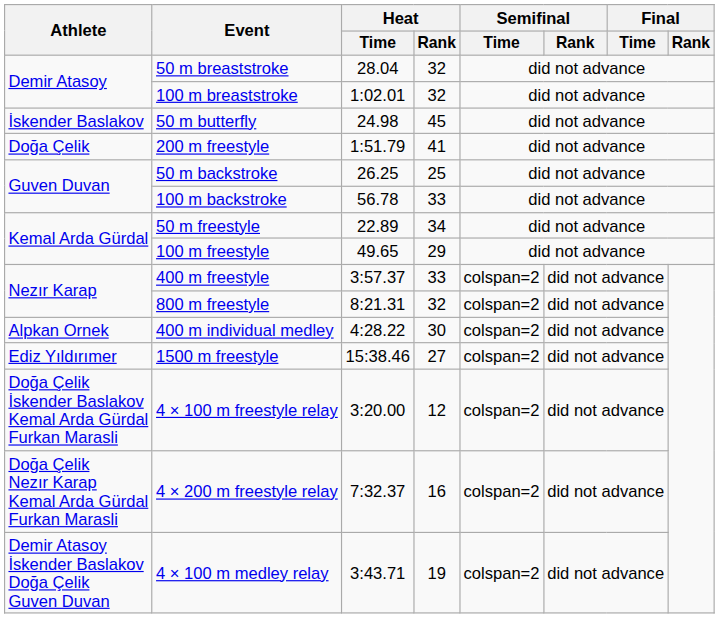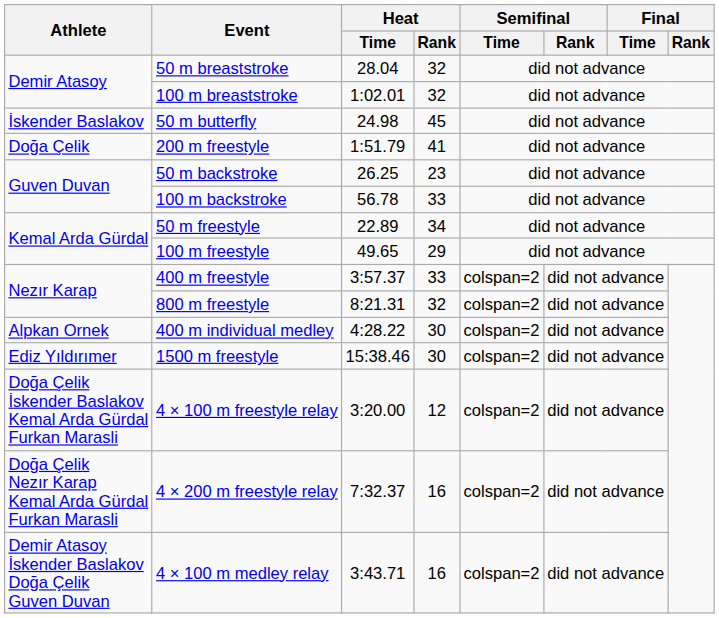 <table class=wikitable style="font-size:90%">
 <tr>
 <th rowspan="2">Athlete</th>
 <th rowspan="2">Event</th>
 <th colspan="2">Heat</th>
 <th colspan="2">Semifinal</th>
 <th colspan="2">Final</th>
 </tr>
 <tr style="font-size:95%">
 <th>Time</th>
 <th>Rank</th>
 <th>Time</th>
 <th>Rank</th>
 <th>Time</th>
 <th>Rank</th>
 </tr>
 <tr align=center>
 <td align=left rowspan=2><a href='#'>Demir Atasoy</a></td>
 <td align=left><a href='#'>50 m breaststroke</a></td>
 <td>28.04</td>
 <td>32</td>
 <td colspan=4>did not advance</td>
 </tr>
 <tr align=center>
 <td align=left><a href='#'>100 m breaststroke</a></td>
 <td>1:02.01</td>
 <td>32</td>
 <td colspan=4>did not advance</td>
 </tr>
 <tr align=center>
 <td align=left><a href='#'>İskender Baslakov</a></td>
 <td align=left><a href='#'>50 m butterfly</a></td>
 <td>24.98</td>
 <td>45</td>
 <td colspan=4>did not advance</td>
 </tr>
 <tr align=center>
 <td align=left><a href='#'>Doğa Çelik</a></td>
 <td align=left><a href='#'>200 m freestyle</a></td>
 <td>1:51.79</td>
 <td>41</td>
 <td colspan=4>did not advance</td>
 </tr>
 <tr align=center>
 <td align=left rowspan=2><a href='#'>Guven Duvan</a></td>
 <td align=left><a href='#'>50 m backstroke</a></td>
 <td>26.25</td>
-<td>25</td>
+<td>23</td>
 <td colspan=4>did not advance</td>
 </tr>
 <tr align=center>
 <td align=left><a href='#'>100 m backstroke</a></td>
 <td>56.78</td>
 <td>33</td>
 <td colspan=4>did not advance</td>
 </tr>
 <tr align=center>
 <td align=left rowspan=2><a href='#'>Kemal Arda Gürdal</a></td>
 <td align=left><a href='#'>50 m freestyle</a></td>
 <td>22.89</td>
 <td>34</td>
 <td colspan=4>did not advance</td>
 </tr>
 <tr align=center>
 <td align=left><a href='#'>100 m freestyle</a></td>
 <td>49.65</td>
 <td>29</td>
 <td colspan=4>did not advance</td>
 </tr>
 <tr align=center>
 <td align=left rowspan=2><a href='#'>Nezır Karap</a></td>
 <td align=left><a href='#'>400 m freestyle</a></td>
 <td>3:57.37</td>
 <td>33</td>
 <td>colspan=2 </td>
 <td colspan=2>did not advance</td>
 </tr>
 <tr align=center>
 <td align=left><a href='#'>800 m freestyle</a></td>
 <td>8:21.31</td>
 <td>32</td>
 <td>colspan=2 </td>
 <td colspan=2>did not advance</td>
 </tr>
 <tr align=center>
 <td align=left><a href='#'>Alpkan Ornek</a></td>
 <td align=left><a href='#'>400 m individual medley</a></td>
 <td>4:28.22</td>
 <td>30</td>
 <td>colspan=2 </td>
 <td colspan=2>did not advance</td>
 </tr>
 <tr align=center>
 <td align=left><a href='#'>Ediz Yıldırımer</a></td>
 <td align=left><a href='#'>1500 m freestyle</a></td>
 <td>15:38.46</td>
-<td>27</td>
+<td>30</td>
 <td>colspan=2 </td>
 <td colspan=2>did not advance</td>
 </tr>
 <tr align=center>
 <td align=left><a href='#'>Doğa Çelik</a><br><a href='#'>İskender Baslakov</a><br><a href='#'>Kemal Arda Gürdal</a><br><a href='#'>Furkan Marasli</a></td>
 <td align=left><a href='#'>4 × 100 m freestyle relay</a></td>
 <td>3:20.00</td>
 <td>12</td>
 <td>colspan=2 </td>
 <td colspan=2>did not advance</td>
 </tr>
 <tr align=center>
 <td align=left><a href='#'>Doğa Çelik</a><br><a href='#'>Nezır Karap</a><br><a href='#'>Kemal Arda Gürdal</a><br><a href='#'>Furkan Marasli</a></td>
 <td align=left><a href='#'>4 × 200 m freestyle relay</a></td>
 <td>7:32.37</td>
 <td>16</td>
 <td>colspan=2 </td>
 <td colspan=2>did not advance</td>
 </tr>
 <tr align=center>
 <td align=left><a href='#'>Demir Atasoy</a><br><a href='#'>İskender Baslakov</a><br><a href='#'>Doğa Çelik</a><br><a href='#'>Guven Duvan</a></td>
 <td align=left><a href='#'>4 × 100 m medley relay</a></td>
 <td>3:43.71</td>
-<td>19</td>
+<td>16</td>
 <td>colspan=2 </td>
 <td colspan=2>did not advance</td>
 </tr>
 </table>
